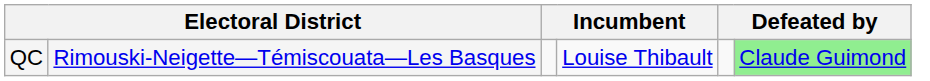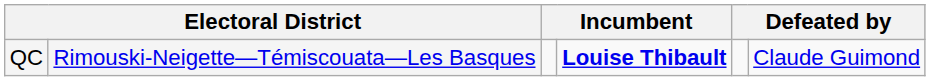 <table class="wikitable">
 <tr>
 <th colspan=2>Electoral District</th>
 <th colspan=2>Incumbent</th>
 <th colspan=2>Defeated by</th>
 </tr>
 <tr>
 <td style="background:whitesmoke;">QC</td>
 <td style="background:whitesmoke;"><a href='#'>Rimouski-Neigette—Témiscouata—Les Basques</a></td>
 <td> </td>
-<td><a href='#'>Louise Thibault</a></td>
+<td><strong><a href='#'>Louise Thibault</a></strong></td>
 <td> </td>
-<td style="background: lightgreen;"><a href='#'>Claude Guimond</a></td>
+<td><a href='#'>Claude Guimond</a></td>
 </tr>
 </table>
